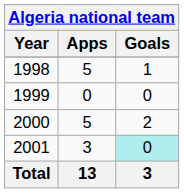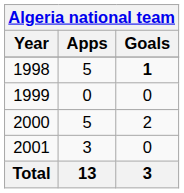 <table class="wikitable" style="text-align:center">
 <tr>
 <th colspan=3><a href='#'>Algeria national team</a></th>
 </tr>
 <tr>
 <th>Year</th>
 <th>Apps</th>
 <th>Goals</th>
 </tr>
 <tr>
 </tr>
 <tr>
 <td>1998</td>
 <td>5</td>
-<td>1</td>
+<td><strong>1</strong></td>
 </tr>
 <tr>
 <td>1999</td>
 <td>0</td>
 <td>0</td>
 </tr>
 <tr>
 <td>2000</td>
 <td>5</td>
 <td>2</td>
 </tr>
 <tr>
 <td>2001</td>
 <td>3</td>
-<td style="background: paleturquoise;">0</td>
+<td>0</td>
 </tr>
 <tr>
 <th>Total</th>
 <th>13</th>
 <th>3</th>
 </tr>
 </table>
